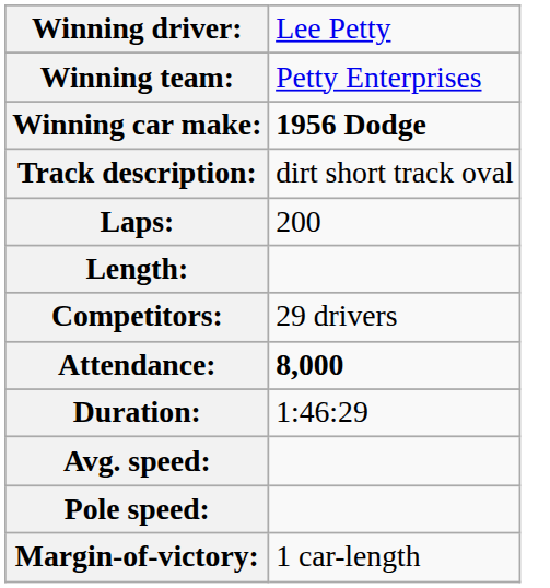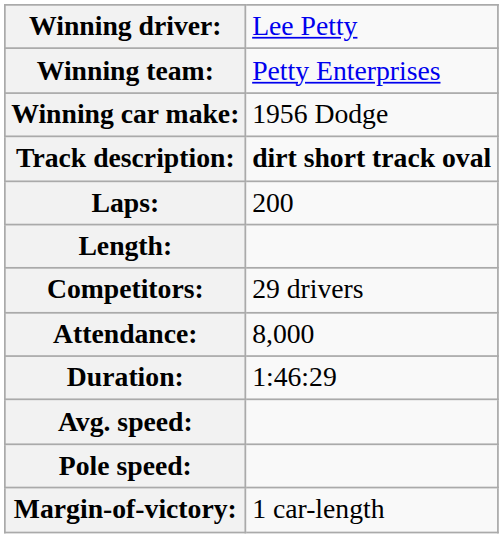 <table class="wikitable" style=text-align:left>
 <tr>
 <th>Winning driver:</th>
 <td><a href='#'>Lee Petty</a></td>
 </tr>
 <tr>
 <th>Winning team:</th>
 <td><a href='#'>Petty Enterprises</a></td>
 </tr>
 <tr>
 <th>Winning car make:</th>
-<td><strong>1956 Dodge</strong></td>
+<td>1956 Dodge</td>
 </tr>
 <tr>
 <th>Track description:</th>
-<td> dirt short track oval</td>
+<td><strong> dirt short track oval</strong></td>
 </tr>
 <tr>
 <th>Laps:</th>
 <td>200</td>
 </tr>
 <tr>
 <th>Length:</th>
 <td></td>
 </tr>
 <tr>
 <th>Competitors:</th>
 <td>29 drivers</td>
 </tr>
 <tr>
 <th>Attendance:</th>
-<td><strong>8,000</strong></td>
+<td>8,000</td>
 </tr>
 <tr>
 <th>Duration:</th>
 <td>1:46:29</td>
 </tr>
 <tr>
 <th>Avg. speed:</th>
 <td></td>
 </tr>
 <tr>
 <th>Pole speed:</th>
 <td></td>
 </tr>
 <tr>
 <th>Margin-of-victory:</th>
 <td>1 car-length</td>
 </tr>
 </table>
